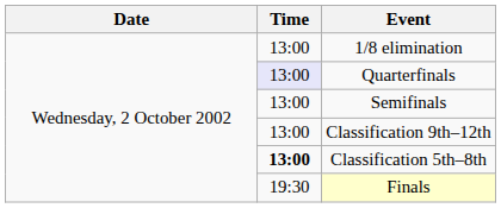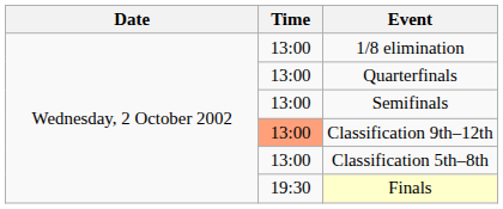 <table class = "wikitable" style="text-align:center;">
 <tr>
 <th width=220>Date</th>
 <th width=50>Time</th>
 <th width=150>Event</th>
 </tr>
 <tr>
 <td rowspan=6>Wednesday, 2 October 2002</td>
 <td>13:00</td>
 <td>1/8 elimination</td>
 </tr>
 <tr>
-<td style="background: lavender;">13:00</td>
+<td>13:00</td>
 <td>Quarterfinals</td>
 </tr>
 <tr>
 <td>13:00</td>
 <td>Semifinals</td>
 </tr>
 <tr>
-<td>13:00</td>
+<td style="background: lightsalmon;">13:00</td>
 <td>Classification 9th–12th</td>
 </tr>
 <tr>
-<td><strong>13:00</strong></td>
+<td>13:00</td>
 <td>Classification 5th–8th</td>
 </tr>
 <tr>
 <td>19:30</td>
 <td bgcolor=ffffcc>Finals</td>
 </tr>
 </table>
